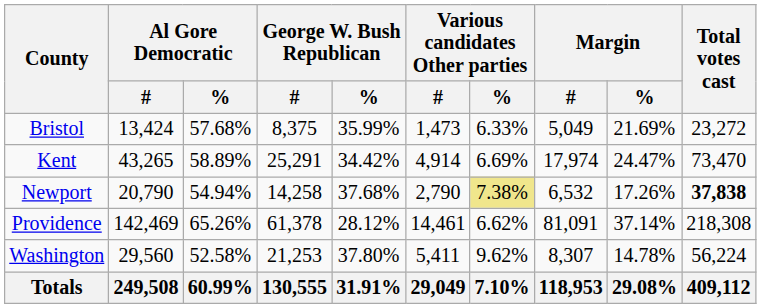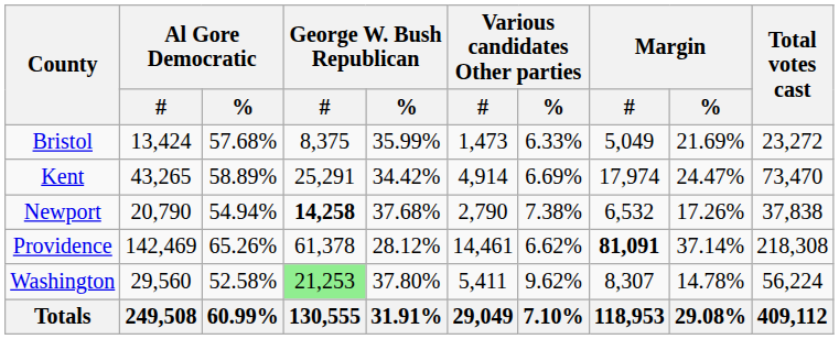 <table width="60%"  class="wikitable sortable" style="text-align:center">
 <tr>
 <th style="text-align:center;" rowspan="2">County</th>
 <th style="text-align:center;" colspan="2">Al Gore<br>Democratic</th>
 <th style="text-align:center;" colspan="2">George W. Bush<br>Republican</th>
 <th style="text-align:center;" colspan="2">Various candidates<br>Other parties</th>
 <th style="text-align:center;" colspan="2">Margin</th>
 <th style="text-align:center;" rowspan="2">Total votes cast</th>
 </tr>
 <tr>
 <th style="text-align:center;" data-sort-type="number">#</th>
 <th style="text-align:center;" data-sort-type="number">%</th>
 <th style="text-align:center;" data-sort-type="number">#</th>
 <th style="text-align:center;" data-sort-type="number">%</th>
 <th style="text-align:center;" data-sort-type="number">#</th>
 <th style="text-align:center;" data-sort-type="number">%</th>
 <th style="text-align:center;" data-sort-type="number">#</th>
 <th style="text-align:center;" data-sort-type="number">%</th>
 </tr>
 <tr style="text-align:center;">
 <td><a href='#'>Bristol</a></td>
 <td>13,424</td>
 <td>57.68%</td>
 <td>8,375</td>
 <td>35.99%</td>
 <td>1,473</td>
 <td>6.33%</td>
 <td>5,049</td>
 <td>21.69%</td>
 <td>23,272</td>
 </tr>
 <tr style="text-align:center;">
 <td><a href='#'>Kent</a></td>
 <td>43,265</td>
 <td>58.89%</td>
 <td>25,291</td>
 <td>34.42%</td>
 <td>4,914</td>
 <td>6.69%</td>
 <td>17,974</td>
 <td>24.47%</td>
 <td>73,470</td>
 </tr>
 <tr style="text-align:center;">
 <td><a href='#'>Newport</a></td>
 <td>20,790</td>
 <td>54.94%</td>
-<td>14,258</td>
+<td><strong>14,258</strong></td>
 <td>37.68%</td>
 <td>2,790</td>
-<td style="background: khaki;">7.38%</td>
+<td>7.38%</td>
 <td>6,532</td>
 <td>17.26%</td>
-<td><strong>37,838</strong></td>
+<td>37,838</td>
 </tr>
 <tr style="text-align:center;">
 <td><a href='#'>Providence</a></td>
 <td>142,469</td>
 <td>65.26%</td>
 <td>61,378</td>
 <td>28.12%</td>
 <td>14,461</td>
 <td>6.62%</td>
-<td>81,091</td>
+<td><strong>81,091</strong></td>
 <td>37.14%</td>
 <td>218,308</td>
 </tr>
 <tr style="text-align:center;">
 <td><a href='#'>Washington</a></td>
 <td>29,560</td>
 <td>52.58%</td>
-<td>21,253</td>
+<td style="background: lightgreen;">21,253</td>
 <td>37.80%</td>
 <td>5,411</td>
 <td>9.62%</td>
 <td>8,307</td>
 <td>14.78%</td>
 <td>56,224</td>
 </tr>
 <tr>
 <th>Totals</th>
 <th>249,508</th>
 <th>60.99%</th>
 <th>130,555</th>
 <th>31.91%</th>
 <th>29,049</th>
 <th>7.10%</th>
 <th>118,953</th>
 <th>29.08%</th>
 <th>409,112</th>
 </tr>
 </table>
